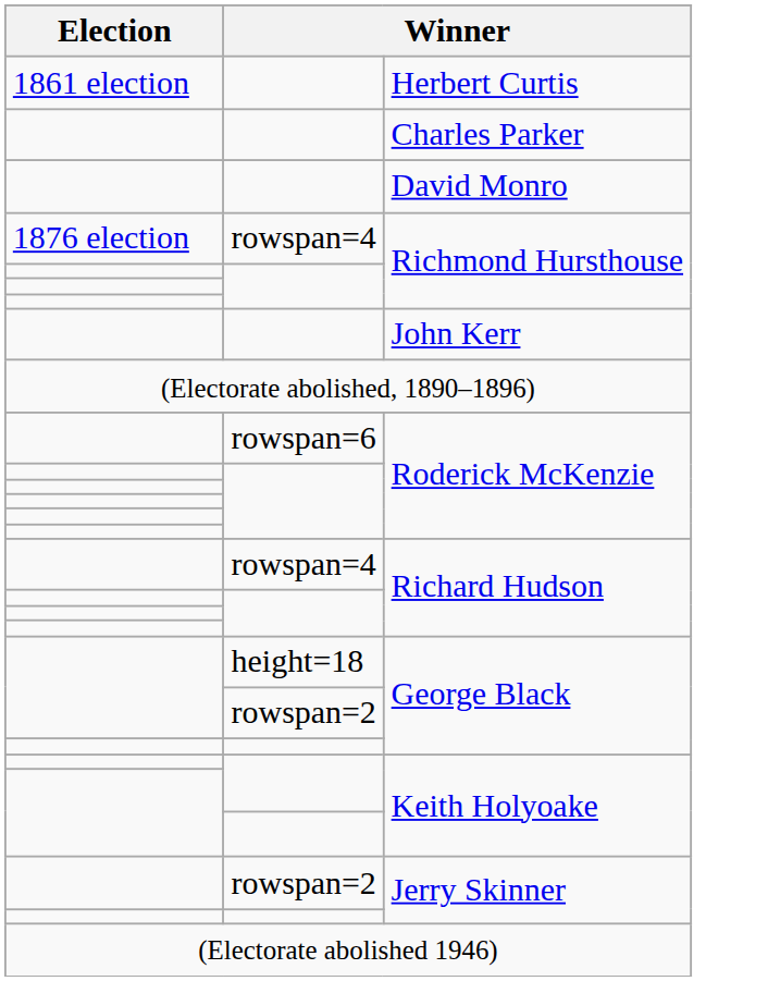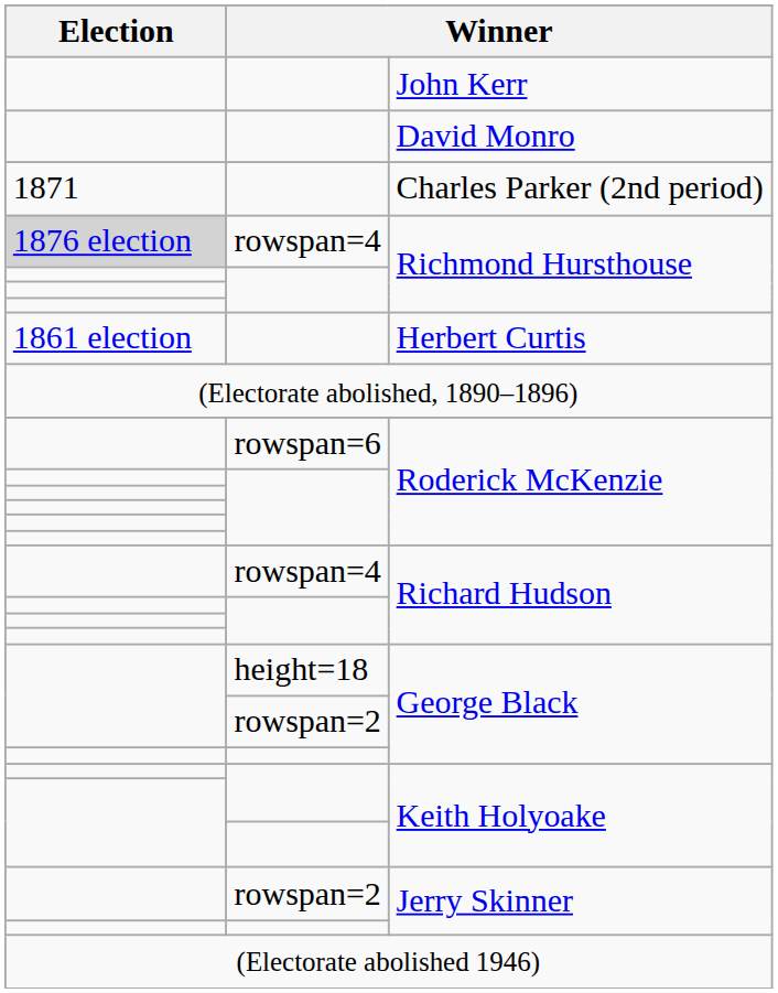 <table class=wikitable>
 <tr>
 <th width=100>Election</th>
 <th width=175 colspan=2>Winner</th>
 </tr>
 <tr>
-<td><a href='#'>1861 election</a></td>
-<td></td>
-<td><a href='#'>Herbert Curtis</a></td>
-</tr>
-<tr>
 <td></td>
 <td></td>
-<td><a href='#'>Charles Parker</a></td>
+<td><a href='#'>John Kerr</a></td>
 </tr>
 <tr>
 <td></td>
 <td></td>
 <td><a href='#'>David Monro</a></td>
 </tr>
 <tr>
-<td><a href='#'>1876 election</a></td>
+<td>1871</td>
+<td></td>
+<td>Charles Parker (2nd period)</td>
+</tr>
+<tr>
+<td style="background: lightgrey;"><a href='#'>1876 election</a></td>
 <td>rowspan=4 </td>
 <td rowspan=4><a href='#'>Richmond Hursthouse</a></td>
 </tr>
 <tr>
 <td></td>
 </tr>
 <tr>
 <td></td>
 </tr>
 <tr>
 <td></td>
 </tr>
 <tr>
+<td><a href='#'>1861 election</a></td>
 <td></td>
-<td></td>
-<td><a href='#'>John Kerr</a></td>
+<td><a href='#'>Herbert Curtis</a></td>
 </tr>
 <tr>
 <td colspan=3 align=center><small>(Electorate abolished, 1890–1896)</small></td>
 </tr>
 <tr>
 <td></td>
 <td>rowspan=6 </td>
 <td rowspan=6><a href='#'>Roderick McKenzie</a></td>
 </tr>
 <tr>
 <td></td>
 </tr>
 <tr>
 <td></td>
 </tr>
 <tr>
 <td></td>
 </tr>
 <tr>
 <td></td>
 </tr>
 <tr>
 <td></td>
 </tr>
 <tr>
 <td></td>
 <td>rowspan=4 </td>
 <td rowspan=4><a href='#'>Richard Hudson</a></td>
 </tr>
 <tr>
 <td></td>
 </tr>
 <tr>
 <td></td>
 </tr>
 <tr>
 <td></td>
 </tr>
 <tr>
 <td rowspan=2 height=18></td>
 <td>height=18 </td>
 <td rowspan=3><a href='#'>George Black</a></td>
 </tr>
 <tr>
 <td>rowspan=2 </td>
 </tr>
 <tr>
 <td></td>
 </tr>
 <tr>
 <td></td>
 <td style="border-bottom:solid 0 grey; background:"></td>
 <td rowspan = 3><a href='#'>Keith Holyoake</a></td>
 </tr>
 <tr>
 <td rowspan = 2 height=36></td>
 <td style="border-top:solid 0 grey; background:"></td>
 </tr>
 <tr>
 <td></td>
 </tr>
 <tr>
 <td></td>
 <td>rowspan=2 </td>
 <td rowspan=2><a href='#'>Jerry Skinner</a></td>
 </tr>
 <tr>
 <td></td>
 </tr>
 <tr>
 <td colspan=3 align=center><small>(Electorate abolished 1946)</small></td>
 </tr>
 </table>
